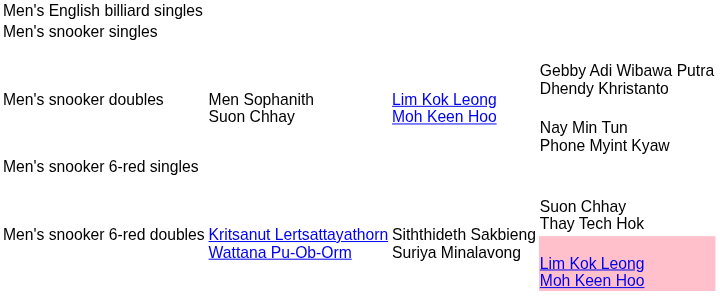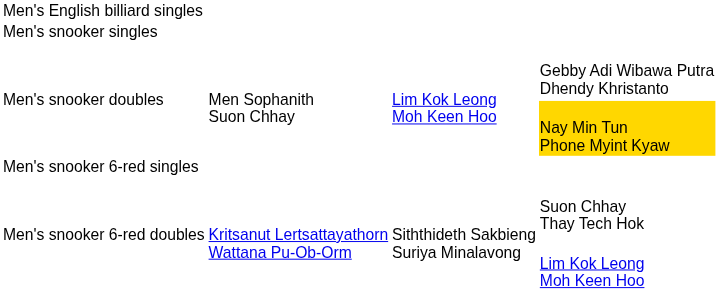 <table>
 <tr>
 <td rowspan=2>Men's English billiard singles</td>
 <td rowspan=2></td>
 <td rowspan=2></td>
 <td></td>
 </tr>
 <tr>
 <td></td>
 </tr>
 <tr>
 <td rowspan=2>Men's snooker singles</td>
 <td rowspan=2></td>
 <td rowspan=2></td>
 <td></td>
 </tr>
 <tr>
 <td></td>
 </tr>
 <tr>
 <td rowspan=2>Men's snooker doubles</td>
 <td rowspan=2><br> Men Sophanith <br>Suon Chhay</td>
 <td rowspan=2><br><a href='#'>Lim Kok Leong</a><br><a href='#'>Moh Keen Hoo</a></td>
 <td nowrap><br>Gebby Adi Wibawa Putra<br>Dhendy Khristanto</td>
 </tr>
 <tr>
-<td><br>Nay Min Tun<br>Phone Myint Kyaw</td>
+<td style="background: gold;"><br>Nay Min Tun<br>Phone Myint Kyaw</td>
 </tr>
 <tr>
 <td rowspan=2>Men's snooker 6-red singles</td>
 <td rowspan=2></td>
 <td rowspan=2 nowrap></td>
 <td></td>
 </tr>
 <tr>
 <td></td>
 </tr>
 <tr>
 <td rowspan=2>Men's snooker 6-red doubles</td>
 <td rowspan=2 nowrap><br><a href='#'>Kritsanut Lertsattayathorn</a><br><a href='#'>Wattana Pu-Ob-Orm</a></td>
 <td rowspan=2><br>Siththideth Sakbieng<br>Suriya Minalavong</td>
 <td><br>Suon Chhay<br>Thay Tech Hok</td>
 </tr>
 <tr>
-<td style="background: pink;"><br><a href='#'>Lim Kok Leong</a><br><a href='#'>Moh Keen Hoo</a></td>
+<td><br><a href='#'>Lim Kok Leong</a><br><a href='#'>Moh Keen Hoo</a></td>
 </tr>
 </table>
